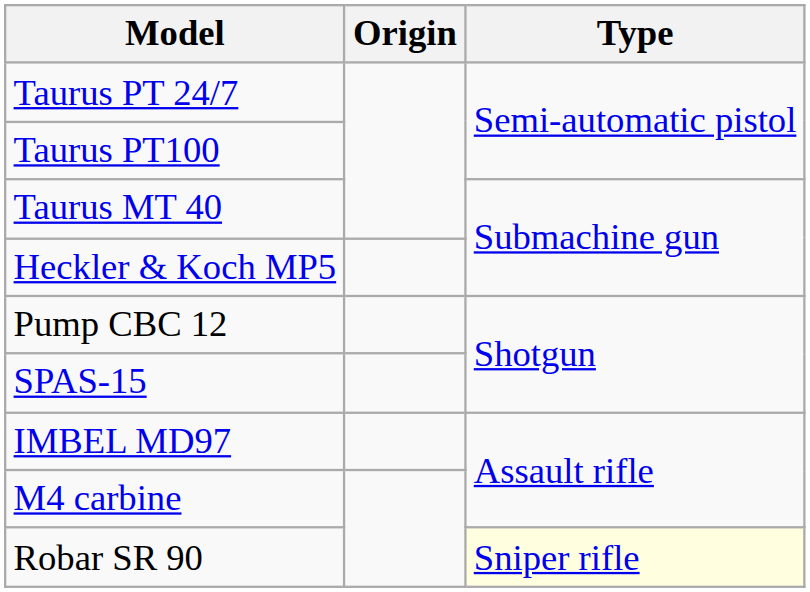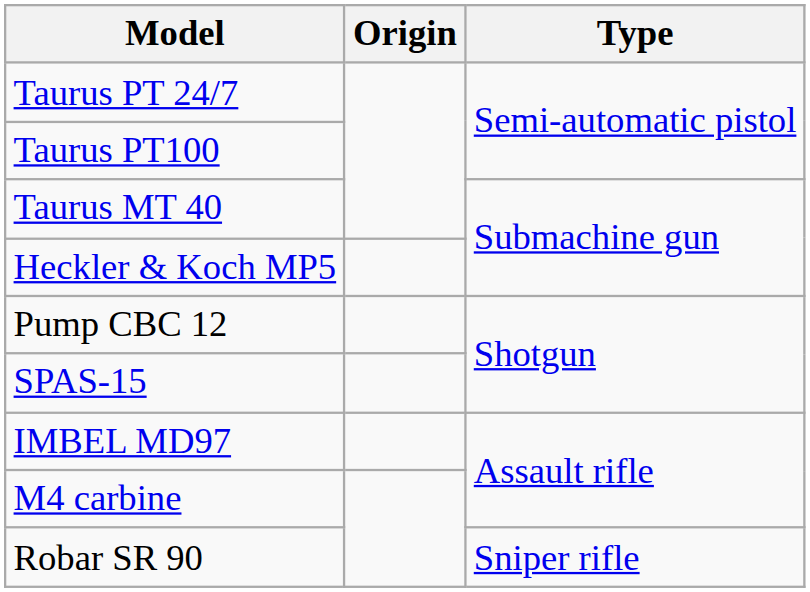 <table class="wikitable">
 <tr>
 <th>Model</th>
 <th>Origin</th>
 <th>Type</th>
 </tr>
 <tr>
 <td><a href='#'>Taurus PT 24/7</a></td>
 <td rowspan="3"></td>
 <td rowspan="2"><a href='#'>Semi-automatic pistol</a></td>
 </tr>
 <tr>
 <td><a href='#'>Taurus PT100</a></td>
 </tr>
 <tr>
 <td><a href='#'>Taurus MT 40</a></td>
 <td rowspan="2"><a href='#'>Submachine gun</a></td>
 </tr>
 <tr>
 <td><a href='#'>Heckler & Koch MP5</a></td>
 <td></td>
 </tr>
 <tr>
 <td>Pump CBC 12</td>
 <td></td>
 <td rowspan="2"><a href='#'>Shotgun</a></td>
 </tr>
 <tr>
 <td><a href='#'>SPAS-15</a></td>
 <td></td>
 </tr>
 <tr>
 <td><a href='#'>IMBEL MD97</a></td>
 <td></td>
 <td rowspan="2"><a href='#'>Assault rifle</a></td>
 </tr>
 <tr>
 <td><a href='#'>M4 carbine</a></td>
 <td rowspan="2"></td>
 </tr>
 <tr>
 <td>Robar SR 90</td>
-<td style="background: lightyellow;"><a href='#'>Sniper rifle</a></td>
+<td><a href='#'>Sniper rifle</a></td>
 </tr>
 </table>
